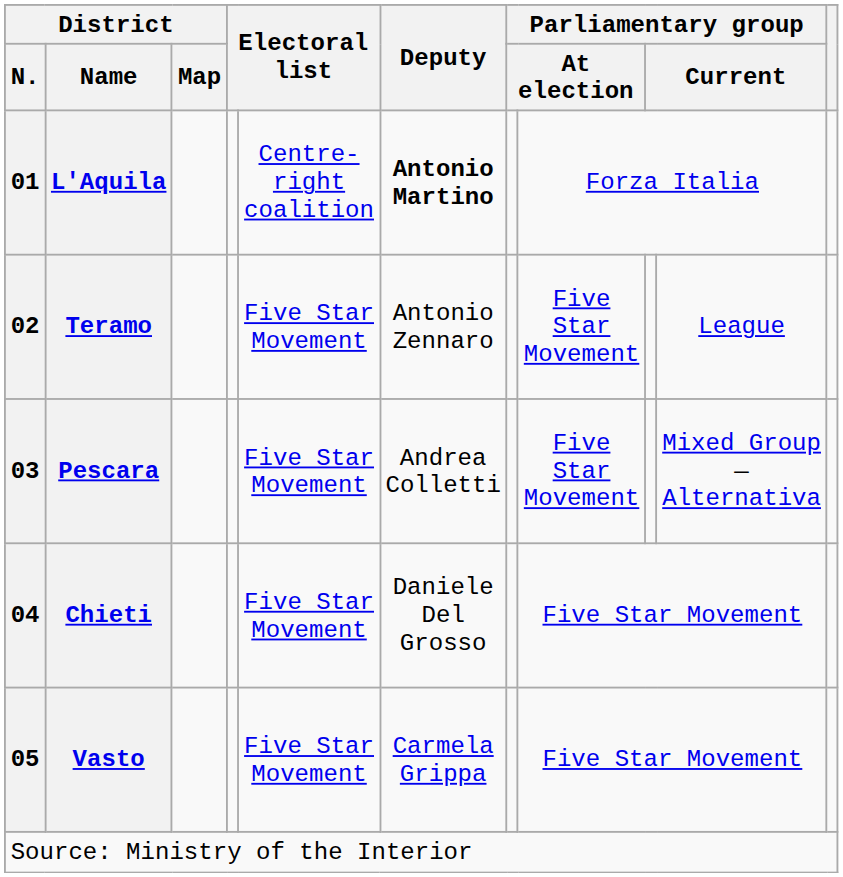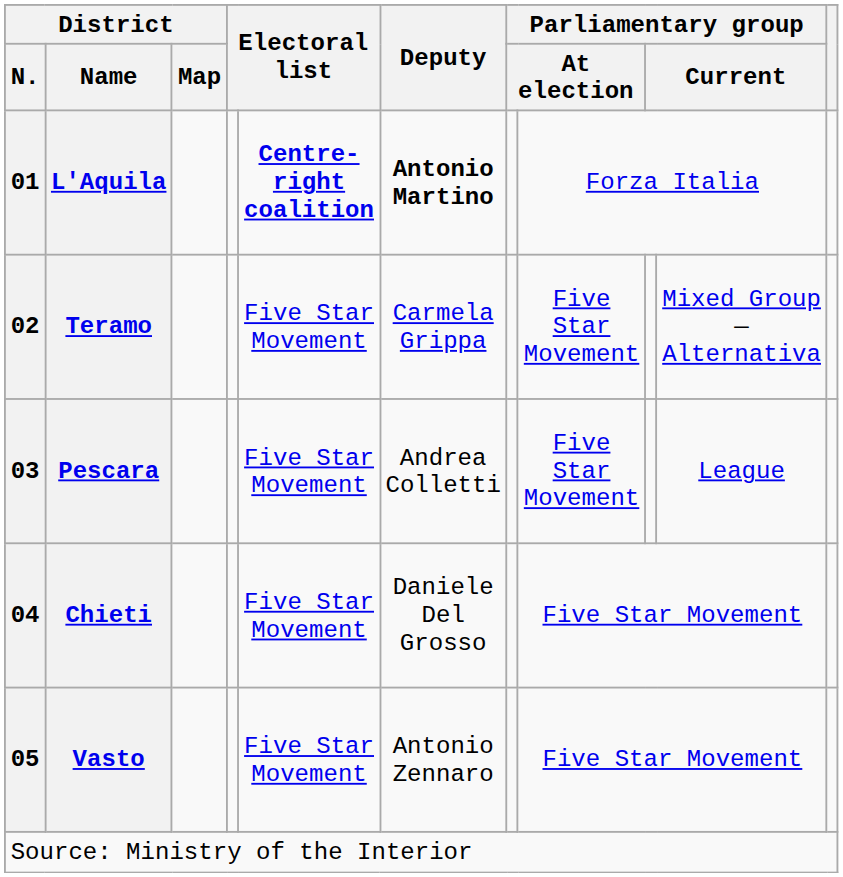 <table class="wikitable" style="text-align:center; style=" width="65%">
 <tr>
 <th colspan="3" width="20%">District</th>
 <th colspan="2" rowspan="2" width="12%">Electoral list</th>
 <th rowspan="2" width="12%">Deputy</th>
 <th colspan="4" width="24%">Parliamentary group</th>
 <th rowspan="2" width="1%"></th>
 </tr>
 <tr>
 <th width="1%">N.</th>
 <th width="10%">Name</th>
 <th width="10%">Map</th>
 <th colspan="2" width="12%">At election</th>
 <th colspan="2" width="12%">Current</th>
 </tr>
 <tr style="height:6em;">
 <th>01</th>
 <th><a href='#'>L'Aquila</a></th>
 <td></td>
 <td style="background:"></td>
-<td><a href='#'>Centre-right coalition</a></td>
+<td><strong><a href='#'>Centre-right coalition</a></strong></td>
 <td><strong>Antonio Martino</strong></td>
 <td style="background:"></td>
 <td colspan="3"><a href='#'>Forza Italia</a></td>
 <td></td>
 </tr>
 <tr style="height:6em;">
 <th>02</th>
 <th><a href='#'>Teramo</a></th>
 <td></td>
 <td style="background:"></td>
 <td><a href='#'>Five Star Movement</a></td>
-<td>Antonio Zennaro</td>
+<td><a href='#'>Carmela Grippa</a></td>
 <td style="background:"></td>
 <td><a href='#'>Five Star Movement</a></td>
 <td style="background:"></td>
-<td><a href='#'>League</a></td>
+<td><a href='#'>Mixed Group</a><br>—<br><a href='#'>Alternativa</a></td>
 <td></td>
 </tr>
 <tr style="height:6em;">
 <th>03</th>
 <th><a href='#'>Pescara</a></th>
 <td></td>
 <td style="background:"></td>
 <td><a href='#'>Five Star Movement</a></td>
 <td>Andrea Colletti</td>
 <td style="background:"></td>
 <td><a href='#'>Five Star Movement</a></td>
 <td style="background:"></td>
-<td><a href='#'>Mixed Group</a><br>—<br><a href='#'>Alternativa</a></td>
+<td><a href='#'>League</a></td>
 <td></td>
 </tr>
 <tr style="height:6em;">
 <th>04</th>
 <th><a href='#'>Chieti</a></th>
 <td></td>
 <td style="background:"></td>
 <td><a href='#'>Five Star Movement</a></td>
 <td>Daniele Del Grosso</td>
 <td style="background:"></td>
 <td colspan="3"><a href='#'>Five Star Movement</a></td>
 <td></td>
 </tr>
 <tr style="height:6em;">
 <th>05</th>
 <th><a href='#'>Vasto</a></th>
 <td></td>
 <td style="background:"></td>
 <td><a href='#'>Five Star Movement</a></td>
-<td><a href='#'>Carmela Grippa</a></td>
+<td>Antonio Zennaro</td>
 <td style="background:"></td>
 <td colspan="3"><a href='#'>Five Star Movement</a></td>
 <td></td>
 </tr>
 <tr>
 <td colspan="11" style="text-align:left;">Source: Ministry of the Interior</td>
 </tr>
 </table>
